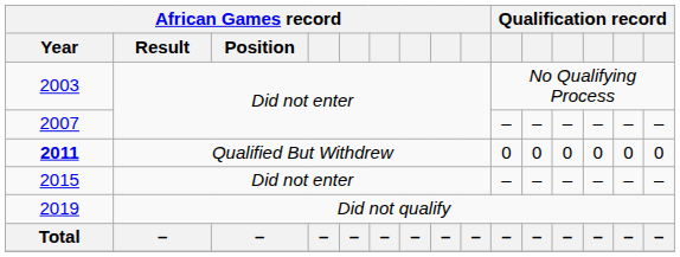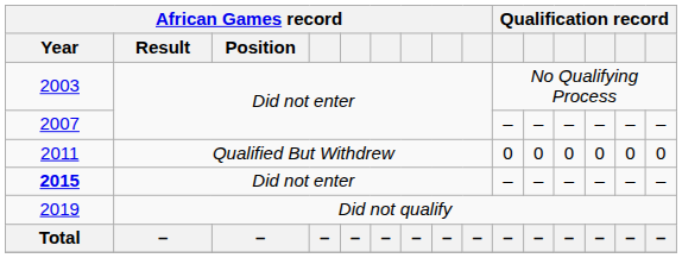 <table class="wikitable" style="text-align:center;">
 <tr>
 <th colspan="9"><a href='#'>African Games</a> record</th>
 <th colspan="6">Qualification record</th>
 </tr>
 <tr>
 <th style="width:90px;">Year</th>
 <th style="width:80px;">Result</th>
 <th style="width:80px;">Position</th>
 <th style="width:20px;"></th>
 <th style="width:20px;"></th>
 <th style="width:20px;"></th>
 <th style="width:20px;"></th>
 <th style="width:20px;"></th>
 <th style="width:20px;"></th>
 <th style="width:20px;"></th>
 <th style="width:20px;"></th>
 <th style="width:20px;"></th>
 <th style="width:20px;"></th>
 <th style="width:20px;"></th>
 <th style="width:20px;"></th>
 </tr>
 <tr>
 <td> <a href='#'>2003</a></td>
 <td rowspan="2" colspan="8"><em>Did not enter</em></td>
 <td colspan="6"><em>No Qualifying Process</em></td>
 </tr>
 <tr>
 <td> <a href='#'>2007</a></td>
 <td>–</td>
 <td>–</td>
 <td>–</td>
 <td>–</td>
 <td>–</td>
 <td>–</td>
 </tr>
 <tr>
-<td><strong> <a href='#'>2011</a></strong></td>
+<td> <a href='#'>2011</a></td>
 <td colspan="8"><em>Qualified But Withdrew</em></td>
 <td>0</td>
 <td>0</td>
 <td>0</td>
 <td>0</td>
 <td>0</td>
 <td>0</td>
 </tr>
 <tr>
-<td> <a href='#'>2015</a></td>
+<td><strong> <a href='#'>2015</a></strong></td>
 <td colspan="8"><em>Did not enter</em></td>
 <td>–</td>
 <td>–</td>
 <td>–</td>
 <td>–</td>
 <td>–</td>
 <td>–</td>
 </tr>
 <tr>
 <td> <a href='#'>2019</a></td>
 <td colspan=14><em>Did not qualify</em></td>
 </tr>
 <tr>
 <th>Total</th>
 <th>–</th>
 <th>–</th>
 <th>–</th>
 <th>–</th>
 <th>–</th>
 <th>–</th>
 <th>–</th>
 <th>–</th>
 <th>–</th>
 <th>–</th>
 <th>–</th>
 <th>–</th>
 <th>–</th>
 <th>–</th>
 </tr>
 <tr>
 </tr>
 </table>
